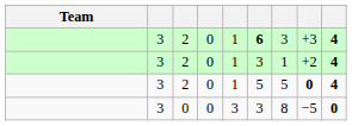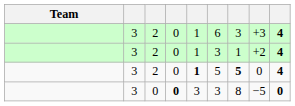 <table class="wikitable" style="text-align:center">
 <tr>
 <th width=150>Team</th>
 <th width=20></th>
 <th width=20></th>
 <th width=20></th>
 <th width=20></th>
 <th width=20></th>
 <th width=20></th>
 <th width=20></th>
 <th width=20></th>
 </tr>
 <tr bgcolor="#ccffcc">
 <td align="left"></td>
 <td>3</td>
 <td>2</td>
 <td>0</td>
 <td>1</td>
-<td><strong>6</strong></td>
+<td>6</td>
 <td>3</td>
 <td>+3</td>
 <td><strong>4</strong></td>
 </tr>
 <tr bgcolor="#ccffcc">
 <td align="left"></td>
 <td>3</td>
 <td>2</td>
 <td>0</td>
 <td>1</td>
 <td>3</td>
 <td>1</td>
 <td>+2</td>
 <td><strong>4</strong></td>
 </tr>
 <tr>
 <td align="left"></td>
 <td>3</td>
 <td>2</td>
 <td>0</td>
-<td>1</td>
+<td><strong>1</strong></td>
 <td>5</td>
-<td>5</td>
-<td><strong>0</strong></td>
+<td><strong>5</strong></td>
+<td>0</td>
 <td><strong>4</strong></td>
 </tr>
 <tr>
 <td align="left"></td>
 <td>3</td>
 <td>0</td>
-<td>0</td>
+<td><strong>0</strong></td>
 <td>3</td>
 <td>3</td>
 <td>8</td>
 <td>−5</td>
 <td><strong>0</strong></td>
 </tr>
 </table>
